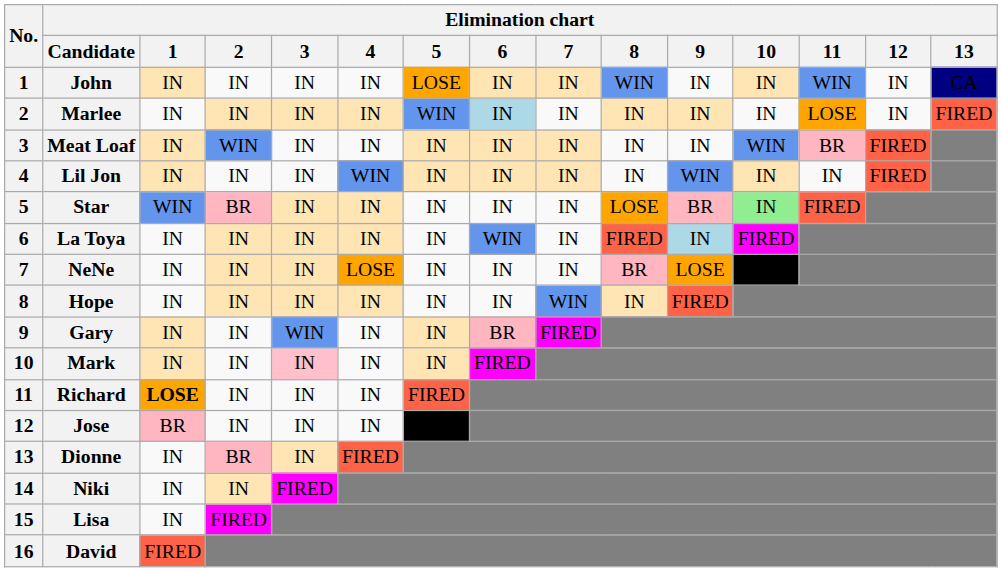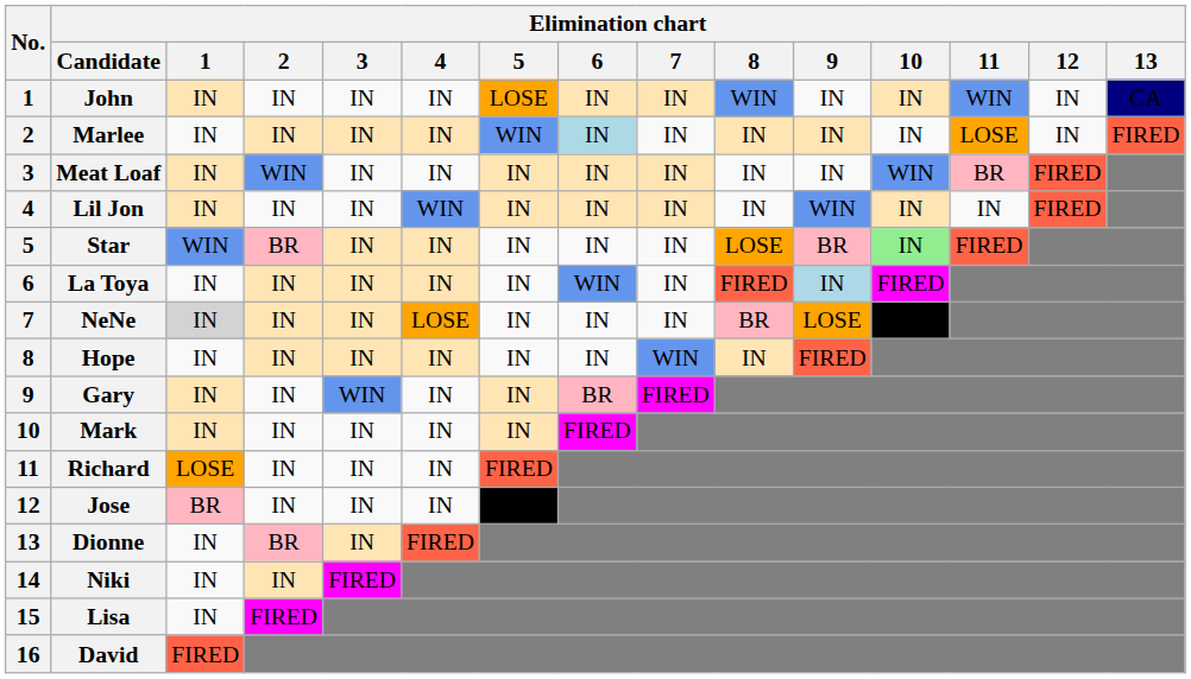 <table class="wikitable" style="text-align:center;">
 <tr>
 <th rowspan="2">No.</th>
 <th colspan="14">Elimination chart</th>
 </tr>
 <tr>
 <th>Candidate</th>
 <th>1</th>
 <th>2</th>
 <th>3</th>
 <th>4</th>
 <th>5</th>
 <th>6</th>
 <th>7</th>
 <th>8</th>
 <th>9</th>
 <th>10</th>
 <th>11</th>
 <th>12</th>
 <th>13</th>
 </tr>
 <tr>
 <th>1</th>
 <th>John</th>
 <td style="background:#FFE5B4;">IN</td>
 <td>IN</td>
 <td>IN</td>
 <td>IN</td>
 <td style="background:orange;">LOSE</td>
 <td style="background:#FFE5B4;">IN</td>
 <td style="background:#FFE5B4;">IN</td>
 <td style="background:cornflowerblue;">WIN</td>
 <td>IN</td>
 <td style="background:#FFE5B4;">IN</td>
 <td style="background:cornflowerblue;">WIN</td>
 <td>IN</td>
 <td style="background:navy;"><span> CA </span></td>
 </tr>
 <tr>
 <th>2</th>
 <th>Marlee</th>
 <td>IN</td>
 <td style="background:#FFE5B4;">IN</td>
 <td style="background:#FFE5B4;">IN</td>
 <td style="background:#FFE5B4;">IN</td>
 <td style="background:cornflowerblue;">WIN</td>
 <td style="background: lightblue;">IN</td>
 <td>IN</td>
 <td style="background:#FFE5B4;">IN</td>
 <td style="background:#FFE5B4;">IN</td>
 <td>IN</td>
 <td style="background:orange;">LOSE</td>
 <td>IN</td>
 <td style="background:tomato;">FIRED</td>
 </tr>
 <tr>
 <th>3</th>
 <th>Meat Loaf</th>
 <td style="background:#FFE5B4;">IN</td>
 <td style="background:cornflowerblue;">WIN</td>
 <td>IN</td>
 <td>IN</td>
 <td style="background:#FFE5B4;">IN</td>
 <td style="background:#FFE5B4;">IN</td>
 <td style="background:#FFE5B4;">IN</td>
 <td>IN</td>
 <td>IN</td>
 <td style="background:cornflowerblue;">WIN</td>
 <td style="background:lightpink;">BR</td>
 <td style="background:tomato;">FIRED</td>
 <td style="background:gray;"></td>
 </tr>
 <tr>
 <th>4</th>
 <th>Lil Jon</th>
 <td style="background:#FFE5B4;">IN</td>
 <td>IN</td>
 <td>IN</td>
 <td style="background:cornflowerblue;">WIN</td>
 <td style="background:#FFE5B4;">IN</td>
 <td style="background:#FFE5B4;">IN</td>
 <td style="background:#FFE5B4;">IN</td>
 <td>IN</td>
 <td style="background:cornflowerblue;">WIN</td>
 <td style="background:#FFE5B4;">IN</td>
 <td>IN</td>
 <td style="background:tomato;">FIRED</td>
 <td style="background:gray;"></td>
 </tr>
 <tr>
 <th>5</th>
 <th>Star</th>
 <td style="background:cornflowerblue;">WIN</td>
 <td style="background:lightpink;">BR</td>
 <td style="background:#FFE5B4;">IN</td>
 <td style="background:#FFE5B4;">IN</td>
 <td>IN</td>
 <td>IN</td>
 <td>IN</td>
 <td style="background:orange;">LOSE</td>
 <td style="background:lightpink;">BR</td>
 <td style="background: lightgreen;">IN</td>
 <td style="background:tomato;">FIRED</td>
 <td colspan="2" style="background:gray;"></td>
 </tr>
 <tr>
 <th>6</th>
 <th>La Toya</th>
 <td>IN</td>
 <td style="background:#FFE5B4;">IN</td>
 <td style="background:#FFE5B4;">IN</td>
 <td style="background:#FFE5B4;">IN</td>
 <td>IN</td>
 <td style="background:cornflowerblue;">WIN</td>
 <td>IN</td>
 <td style="background:tomato;">FIRED</td>
 <td style="background:lightblue;">IN</td>
 <td style="background:magenta;">FIRED</td>
 <td colspan="3" style="background:gray;"></td>
 </tr>
 <tr>
 <th>7</th>
 <th>NeNe</th>
-<td>IN</td>
+<td style="background: lightgrey;">IN</td>
 <td style="background:#FFE5B4;">IN</td>
 <td style="background:#FFE5B4;">IN</td>
 <td style="background:orange;">LOSE</td>
 <td>IN</td>
 <td>IN</td>
 <td>IN</td>
 <td style="background:lightpink;">BR</td>
 <td style="background:orange;">LOSE</td>
 <td style="background:black;"><span> QUIT </span></td>
 <td colspan="3" style="background:gray;"></td>
 </tr>
 <tr>
 <th>8</th>
 <th>Hope</th>
 <td>IN</td>
 <td style="background:#FFE5B4;">IN</td>
 <td style="background:#FFE5B4;">IN</td>
 <td style="background:#FFE5B4;">IN</td>
 <td>IN</td>
 <td>IN</td>
 <td style="background:cornflowerblue;">WIN</td>
 <td style="background:#FFE5B4;">IN</td>
 <td style="background:tomato;">FIRED</td>
 <td colspan="4" style="background:gray;"></td>
 </tr>
 <tr>
 <th>9</th>
 <th>Gary</th>
 <td style="background:#FFE5B4;">IN</td>
 <td>IN</td>
 <td style="background:cornflowerblue;">WIN</td>
 <td>IN</td>
 <td style="background:#FFE5B4;">IN</td>
 <td style="background:lightpink;">BR</td>
 <td style="background:magenta;">FIRED</td>
 <td colspan="6" style="background:gray;"></td>
 </tr>
 <tr>
 <th>10</th>
 <th>Mark</th>
 <td style="background:#FFE5B4;">IN</td>
 <td>IN</td>
-<td style="background: pink;">IN</td>
+<td>IN</td>
 <td>IN</td>
 <td style="background:#FFE5B4;">IN</td>
 <td style="background:magenta;">FIRED</td>
 <td colspan="7" style="background:gray;"></td>
 </tr>
 <tr>
 <th>11</th>
 <th>Richard</th>
-<td style="background:orange;"><strong>LOSE</strong></td>
+<td style="background:orange;">LOSE</td>
 <td>IN</td>
 <td>IN</td>
 <td>IN</td>
 <td style="background:tomato;">FIRED</td>
 <td colspan="9" style="background:gray;"></td>
 </tr>
 <tr>
 <th>12</th>
 <th>Jose</th>
 <td style="background:lightpink;">BR</td>
 <td>IN</td>
 <td>IN</td>
 <td>IN</td>
 <td style="background:black;"><span> QUIT </span></td>
 <td colspan="9" style="background:gray;"></td>
 </tr>
 <tr>
 <th>13</th>
 <th>Dionne</th>
 <td>IN</td>
 <td style="background:lightpink;">BR</td>
 <td style="background:#FFE5B4;">IN</td>
 <td style="background:tomato;">FIRED</td>
 <td colspan="10" style="background:gray;"></td>
 </tr>
 <tr>
 <th>14</th>
 <th>Niki</th>
 <td>IN</td>
 <td style="background:#FFE5B4;">IN</td>
 <td style="background:magenta;">FIRED</td>
 <td colspan="11" style="background:gray;"></td>
 </tr>
 <tr>
 <th>15</th>
 <th>Lisa</th>
 <td>IN</td>
 <td style="background:magenta;">FIRED</td>
 <td colspan="12" style="background:gray;"></td>
 </tr>
 <tr>
 <th>16</th>
 <th>David</th>
 <td style="background:tomato;">FIRED</td>
 <td colspan="13" style="background:gray;"></td>
 </tr>
 </table>
